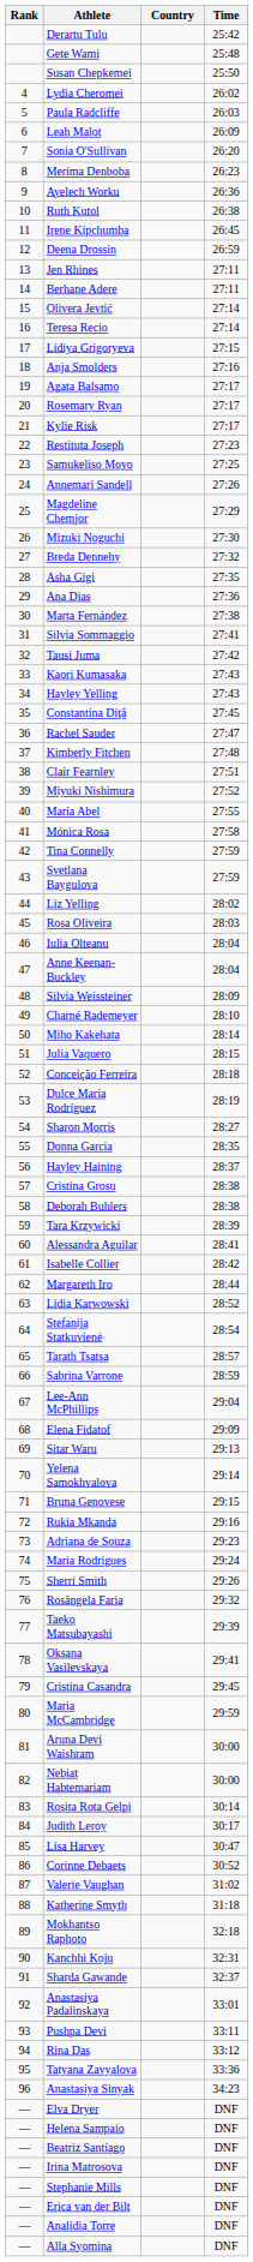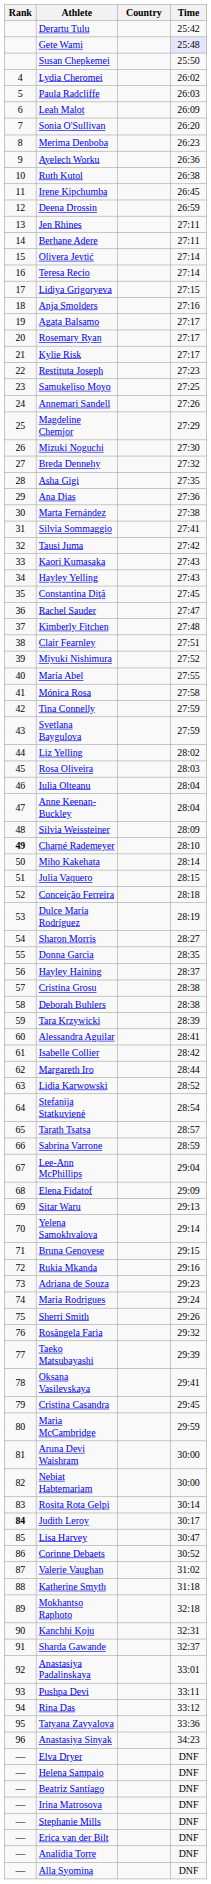 <table class="wikitable sortable" style=" text-align:center; font-size:95%;" width="50%">
 <tr>
 <th width=5%>Rank</th>
 <th width=20%>Athlete</th>
 <th width=15%>Country</th>
 <th width=10%>Time</th>
 </tr>
 <tr>
 <td align=center></td>
 <td align=left><a href='#'>Derartu Tulu</a></td>
 <td align=left></td>
 <td>25:42</td>
 </tr>
 <tr>
 <td align=center></td>
 <td align=left><a href='#'>Gete Wami</a></td>
 <td align=left></td>
-<td>25:48</td>
+<td style="background: lavender;">25:48</td>
 </tr>
 <tr>
 <td align=center></td>
 <td align=left><a href='#'>Susan Chepkemei</a></td>
 <td align=left></td>
 <td>25:50</td>
 </tr>
 <tr>
 <td align=center>4</td>
 <td align=left><a href='#'>Lydia Cheromei</a></td>
 <td align=left></td>
 <td>26:02</td>
 </tr>
 <tr>
 <td align=center>5</td>
 <td align=left><a href='#'>Paula Radcliffe</a></td>
 <td align=left></td>
 <td>26:03</td>
 </tr>
 <tr>
 <td align=center>6</td>
 <td align=left><a href='#'>Leah Malot</a></td>
 <td align=left></td>
 <td>26:09</td>
 </tr>
 <tr>
 <td align=center>7</td>
 <td align=left><a href='#'>Sonia O'Sullivan</a></td>
 <td align=left></td>
 <td>26:20</td>
 </tr>
 <tr>
 <td align=center>8</td>
 <td align=left><a href='#'>Merima Denboba</a></td>
 <td align=left></td>
 <td>26:23</td>
 </tr>
 <tr>
 <td align=center>9</td>
 <td align=left><a href='#'>Ayelech Worku</a></td>
 <td align=left></td>
 <td>26:36</td>
 </tr>
 <tr>
 <td align=center>10</td>
 <td align=left><a href='#'>Ruth Kutol</a></td>
 <td align=left></td>
 <td>26:38</td>
 </tr>
 <tr>
 <td align=center>11</td>
 <td align=left><a href='#'>Irene Kipchumba</a></td>
 <td align=left></td>
 <td>26:45</td>
 </tr>
 <tr>
 <td align=center>12</td>
 <td align=left><a href='#'>Deena Drossin</a></td>
 <td align=left></td>
 <td>26:59</td>
 </tr>
 <tr>
 <td align=center>13</td>
 <td align=left><a href='#'>Jen Rhines</a></td>
 <td align=left></td>
 <td>27:11</td>
 </tr>
 <tr>
 <td align=center>14</td>
 <td align=left><a href='#'>Berhane Adere</a></td>
 <td align=left></td>
 <td>27:11</td>
 </tr>
 <tr>
 <td align=center>15</td>
 <td align=left><a href='#'>Olivera Jevtić</a></td>
 <td align=left></td>
 <td>27:14</td>
 </tr>
 <tr>
 <td align=center>16</td>
 <td align=left><a href='#'>Teresa Recio</a></td>
 <td align=left></td>
 <td>27:14</td>
 </tr>
 <tr>
 <td align=center>17</td>
 <td align=left><a href='#'>Lidiya Grigoryeva</a></td>
 <td align=left></td>
 <td>27:15</td>
 </tr>
 <tr>
 <td align=center>18</td>
 <td align=left><a href='#'>Anja Smolders</a></td>
 <td align=left></td>
 <td>27:16</td>
 </tr>
 <tr>
 <td align=center>19</td>
 <td align=left><a href='#'>Agata Balsamo</a></td>
 <td align=left></td>
 <td>27:17</td>
 </tr>
 <tr>
 <td align=center>20</td>
 <td align=left><a href='#'>Rosemary Ryan</a></td>
 <td align=left></td>
 <td>27:17</td>
 </tr>
 <tr>
 <td align=center>21</td>
 <td align=left><a href='#'>Kylie Risk</a></td>
 <td align=left></td>
 <td>27:17</td>
 </tr>
 <tr>
 <td align=center>22</td>
 <td align=left><a href='#'>Restituta Joseph</a></td>
 <td align=left></td>
 <td>27:23</td>
 </tr>
 <tr>
 <td align=center>23</td>
 <td align=left><a href='#'>Samukeliso Moyo</a></td>
 <td align=left></td>
 <td>27:25</td>
 </tr>
 <tr>
 <td align=center>24</td>
 <td align=left><a href='#'>Annemari Sandell</a></td>
 <td align=left></td>
 <td>27:26</td>
 </tr>
 <tr>
 <td align=center>25</td>
 <td align=left><a href='#'>Magdeline Chemjor</a></td>
 <td align=left></td>
 <td>27:29</td>
 </tr>
 <tr>
 <td align=center>26</td>
 <td align=left><a href='#'>Mizuki Noguchi</a></td>
 <td align=left></td>
 <td>27:30</td>
 </tr>
 <tr>
 <td align=center>27</td>
 <td align=left><a href='#'>Breda Dennehy</a></td>
 <td align=left></td>
 <td>27:32</td>
 </tr>
 <tr>
 <td align=center>28</td>
 <td align=left><a href='#'>Asha Gigi</a></td>
 <td align=left></td>
 <td>27:35</td>
 </tr>
 <tr>
 <td align=center>29</td>
 <td align=left><a href='#'>Ana Dias</a></td>
 <td align=left></td>
 <td>27:36</td>
 </tr>
 <tr>
 <td align=center>30</td>
 <td align=left><a href='#'>Marta Fernández</a></td>
 <td align=left></td>
 <td>27:38</td>
 </tr>
 <tr>
 <td align=center>31</td>
 <td align=left><a href='#'>Silvia Sommaggio</a></td>
 <td align=left></td>
 <td>27:41</td>
 </tr>
 <tr>
 <td align=center>32</td>
 <td align=left><a href='#'>Tausi Juma</a></td>
 <td align=left></td>
 <td>27:42</td>
 </tr>
 <tr>
 <td align=center>33</td>
 <td align=left><a href='#'>Kaori Kumasaka</a></td>
 <td align=left></td>
 <td>27:43</td>
 </tr>
 <tr>
 <td align=center>34</td>
 <td align=left><a href='#'>Hayley Yelling</a></td>
 <td align=left></td>
 <td>27:43</td>
 </tr>
 <tr>
 <td align=center>35</td>
 <td align=left><a href='#'>Constantina Diţă</a></td>
 <td align=left></td>
 <td>27:45</td>
 </tr>
 <tr>
 <td align=center>36</td>
 <td align=left><a href='#'>Rachel Sauder</a></td>
 <td align=left></td>
 <td>27:47</td>
 </tr>
 <tr>
 <td align=center>37</td>
 <td align=left><a href='#'>Kimberly Fitchen</a></td>
 <td align=left></td>
 <td>27:48</td>
 </tr>
 <tr>
 <td align=center>38</td>
 <td align=left><a href='#'>Clair Fearnley</a></td>
 <td align=left></td>
 <td>27:51</td>
 </tr>
 <tr>
 <td align=center>39</td>
 <td align=left><a href='#'>Miyuki Nishimura</a></td>
 <td align=left></td>
 <td>27:52</td>
 </tr>
 <tr>
 <td align=center>40</td>
 <td align=left><a href='#'>María Abel</a></td>
 <td align=left></td>
 <td>27:55</td>
 </tr>
 <tr>
 <td align=center>41</td>
 <td align=left><a href='#'>Mónica Rosa</a></td>
 <td align=left></td>
 <td>27:58</td>
 </tr>
 <tr>
 <td align=center>42</td>
 <td align=left><a href='#'>Tina Connelly</a></td>
 <td align=left></td>
 <td>27:59</td>
 </tr>
 <tr>
 <td align=center>43</td>
 <td align=left><a href='#'>Svetlana Baygulova</a></td>
 <td align=left></td>
 <td>27:59</td>
 </tr>
 <tr>
 <td align=center>44</td>
 <td align=left><a href='#'>Liz Yelling</a></td>
 <td align=left></td>
 <td>28:02</td>
 </tr>
 <tr>
 <td align=center>45</td>
 <td align=left><a href='#'>Rosa Oliveira</a></td>
 <td align=left></td>
 <td>28:03</td>
 </tr>
 <tr>
 <td align=center>46</td>
 <td align=left><a href='#'>Iulia Olteanu</a></td>
 <td align=left></td>
 <td>28:04</td>
 </tr>
 <tr>
 <td align=center>47</td>
 <td align=left><a href='#'>Anne Keenan-Buckley</a></td>
 <td align=left></td>
 <td>28:04</td>
 </tr>
 <tr>
 <td align=center>48</td>
 <td align=left><a href='#'>Silvia Weissteiner</a></td>
 <td align=left></td>
 <td>28:09</td>
 </tr>
 <tr>
-<td align=center>49</td>
+<td align=center><strong>49</strong></td>
 <td align=left><a href='#'>Charné Rademeyer</a></td>
 <td align=left></td>
 <td>28:10</td>
 </tr>
 <tr>
 <td align=center>50</td>
 <td align=left><a href='#'>Miho Kakehata</a></td>
 <td align=left></td>
 <td>28:14</td>
 </tr>
 <tr>
 <td align=center>51</td>
 <td align=left><a href='#'>Julia Vaquero</a></td>
 <td align=left></td>
 <td>28:15</td>
 </tr>
 <tr>
 <td align=center>52</td>
 <td align=left><a href='#'>Conceição Ferreira</a></td>
 <td align=left></td>
 <td>28:18</td>
 </tr>
 <tr>
 <td align=center>53</td>
 <td align=left><a href='#'>Dulce María Rodríguez</a></td>
 <td align=left></td>
 <td>28:19</td>
 </tr>
 <tr>
 <td align=center>54</td>
 <td align=left><a href='#'>Sharon Morris</a></td>
 <td align=left></td>
 <td>28:27</td>
 </tr>
 <tr>
 <td align=center>55</td>
 <td align=left><a href='#'>Donna Garcia</a></td>
 <td align=left></td>
 <td>28:35</td>
 </tr>
 <tr>
 <td align=center>56</td>
 <td align=left><a href='#'>Hayley Haining</a></td>
 <td align=left></td>
 <td>28:37</td>
 </tr>
 <tr>
 <td align=center>57</td>
 <td align=left><a href='#'>Cristina Grosu</a></td>
 <td align=left></td>
 <td>28:38</td>
 </tr>
 <tr>
 <td align=center>58</td>
 <td align=left><a href='#'>Deborah Buhlers</a></td>
 <td align=left></td>
 <td>28:38</td>
 </tr>
 <tr>
 <td align=center>59</td>
 <td align=left><a href='#'>Tara Krzywicki</a></td>
 <td align=left></td>
 <td>28:39</td>
 </tr>
 <tr>
 <td align=center>60</td>
 <td align=left><a href='#'>Alessandra Aguilar</a></td>
 <td align=left></td>
 <td>28:41</td>
 </tr>
 <tr>
 <td align=center>61</td>
 <td align=left><a href='#'>Isabelle Collier</a></td>
 <td align=left></td>
 <td>28:42</td>
 </tr>
 <tr>
 <td align=center>62</td>
 <td align=left><a href='#'>Margareth Iro</a></td>
 <td align=left></td>
 <td>28:44</td>
 </tr>
 <tr>
 <td align=center>63</td>
 <td align=left><a href='#'>Lidia Karwowski</a></td>
 <td align=left></td>
 <td>28:52</td>
 </tr>
 <tr>
 <td align=center>64</td>
 <td align=left><a href='#'>Stefanija Statkuvienė</a></td>
 <td align=left></td>
 <td>28:54</td>
 </tr>
 <tr>
 <td align=center>65</td>
 <td align=left><a href='#'>Tarath Tsatsa</a></td>
 <td align=left></td>
 <td>28:57</td>
 </tr>
 <tr>
 <td align=center>66</td>
 <td align=left><a href='#'>Sabrina Varrone</a></td>
 <td align=left></td>
 <td>28:59</td>
 </tr>
 <tr>
 <td align=center>67</td>
 <td align=left><a href='#'>Lee-Ann McPhillips</a></td>
 <td align=left></td>
 <td>29:04</td>
 </tr>
 <tr>
 <td align=center>68</td>
 <td align=left><a href='#'>Elena Fidatof</a></td>
 <td align=left></td>
 <td>29:09</td>
 </tr>
 <tr>
 <td align=center>69</td>
 <td align=left><a href='#'>Sitar Waru</a></td>
 <td align=left></td>
 <td>29:13</td>
 </tr>
 <tr>
 <td align=center>70</td>
 <td align=left><a href='#'>Yelena Samokhvalova</a></td>
 <td align=left></td>
 <td>29:14</td>
 </tr>
 <tr>
 <td align=center>71</td>
 <td align=left><a href='#'>Bruna Genovese</a></td>
 <td align=left></td>
 <td>29:15</td>
 </tr>
 <tr>
 <td align=center>72</td>
 <td align=left><a href='#'>Rukia Mkanda</a></td>
 <td align=left></td>
 <td>29:16</td>
 </tr>
 <tr>
 <td align=center>73</td>
 <td align=left><a href='#'>Adriana de Souza</a></td>
 <td align=left></td>
 <td>29:23</td>
 </tr>
 <tr>
 <td align=center>74</td>
 <td align=left><a href='#'>Maria Rodrigues</a></td>
 <td align=left></td>
 <td>29:24</td>
 </tr>
 <tr>
 <td align=center>75</td>
 <td align=left><a href='#'>Sherri Smith</a></td>
 <td align=left></td>
 <td>29:26</td>
 </tr>
 <tr>
 <td align=center>76</td>
 <td align=left><a href='#'>Rosângela Faria</a></td>
 <td align=left></td>
 <td>29:32</td>
 </tr>
 <tr>
 <td align=center>77</td>
 <td align=left><a href='#'>Taeko Matsubayashi</a></td>
 <td align=left></td>
 <td>29:39</td>
 </tr>
 <tr>
 <td align=center>78</td>
 <td align=left><a href='#'>Oksana Vasilevskaya</a></td>
 <td align=left></td>
 <td>29:41</td>
 </tr>
 <tr>
 <td align=center>79</td>
 <td align=left><a href='#'>Cristina Casandra</a></td>
 <td align=left></td>
 <td>29:45</td>
 </tr>
 <tr>
 <td align=center>80</td>
 <td align=left><a href='#'>Maria McCambridge</a></td>
 <td align=left></td>
 <td>29:59</td>
 </tr>
 <tr>
 <td align=center>81</td>
 <td align=left><a href='#'>Aruna Devi Waishram</a></td>
 <td align=left></td>
 <td>30:00</td>
 </tr>
 <tr>
 <td align=center>82</td>
 <td align=left><a href='#'>Nebiat Habtemariam</a></td>
 <td align=left></td>
 <td>30:00</td>
 </tr>
 <tr>
 <td align=center>83</td>
 <td align=left><a href='#'>Rosita Rota Gelpi</a></td>
 <td align=left></td>
 <td>30:14</td>
 </tr>
 <tr>
-<td align=center>84</td>
+<td align=center><strong>84</strong></td>
 <td align=left><a href='#'>Judith Leroy</a></td>
 <td align=left></td>
 <td>30:17</td>
 </tr>
 <tr>
 <td align=center>85</td>
 <td align=left><a href='#'>Lisa Harvey</a></td>
 <td align=left></td>
 <td>30:47</td>
 </tr>
 <tr>
 <td align=center>86</td>
 <td align=left><a href='#'>Corinne Debaets</a></td>
 <td align=left></td>
 <td>30:52</td>
 </tr>
 <tr>
 <td align=center>87</td>
 <td align=left><a href='#'>Valerie Vaughan</a></td>
 <td align=left></td>
 <td>31:02</td>
 </tr>
 <tr>
 <td align=center>88</td>
 <td align=left><a href='#'>Katherine Smyth</a></td>
 <td align=left></td>
 <td>31:18</td>
 </tr>
 <tr>
 <td align=center>89</td>
 <td align=left><a href='#'>Mokhantso Raphoto</a></td>
 <td align=left></td>
 <td>32:18</td>
 </tr>
 <tr>
 <td align=center>90</td>
 <td align=left><a href='#'>Kanchhi Koju</a></td>
 <td align=left></td>
 <td>32:31</td>
 </tr>
 <tr>
 <td align=center>91</td>
 <td align=left><a href='#'>Sharda Gawande</a></td>
 <td align=left></td>
 <td>32:37</td>
 </tr>
 <tr>
 <td align=center>92</td>
 <td align=left><a href='#'>Anastasiya Padalinskaya</a></td>
 <td align=left></td>
 <td>33:01</td>
 </tr>
 <tr>
 <td align=center>93</td>
 <td align=left><a href='#'>Pushpa Devi</a></td>
 <td align=left></td>
 <td>33:11</td>
 </tr>
 <tr>
 <td align=center>94</td>
 <td align=left><a href='#'>Rina Das</a></td>
 <td align=left></td>
 <td>33:12</td>
 </tr>
 <tr>
 <td align=center>95</td>
 <td align=left><a href='#'>Tatyana Zavyalova</a></td>
 <td align=left></td>
 <td>33:36</td>
 </tr>
 <tr>
 <td align=center>96</td>
 <td align=left><a href='#'>Anastasiya Sinyak</a></td>
 <td align=left></td>
 <td>34:23</td>
 </tr>
 <tr>
 <td align=center>—</td>
 <td align=left><a href='#'>Elva Dryer</a></td>
 <td align=left></td>
 <td>DNF</td>
 </tr>
 <tr>
 <td align=center>—</td>
 <td align=left><a href='#'>Helena Sampaio</a></td>
 <td align=left></td>
 <td>DNF</td>
 </tr>
 <tr>
 <td align=center>—</td>
 <td align=left><a href='#'>Beatriz Santíago</a></td>
 <td align=left></td>
 <td>DNF</td>
 </tr>
 <tr>
 <td align=center>—</td>
 <td align=left><a href='#'>Irina Matrosova</a></td>
 <td align=left></td>
 <td>DNF</td>
 </tr>
 <tr>
 <td align=center>—</td>
 <td align=left><a href='#'>Stephanie Mills</a></td>
 <td align=left></td>
 <td>DNF</td>
 </tr>
 <tr>
 <td align=center>—</td>
 <td align=left><a href='#'>Erica van der Bilt</a></td>
 <td align=left></td>
 <td>DNF</td>
 </tr>
 <tr>
 <td align=center>—</td>
 <td align=left><a href='#'>Analídia Torre</a></td>
 <td align=left></td>
 <td>DNF</td>
 </tr>
 <tr>
 <td align=center>—</td>
 <td align=left><a href='#'>Alla Syomina</a></td>
 <td align=left></td>
 <td>DNF</td>
 </tr>
 </table>
